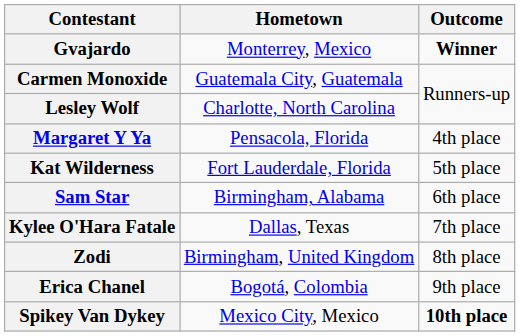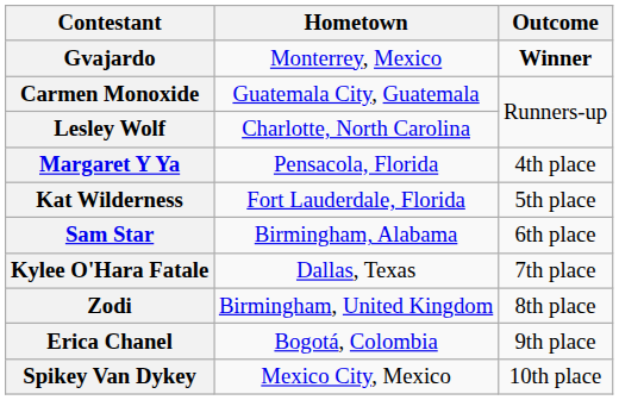 <table class="wikitable sortable" border="2" style="text-align:center">
 <tr>
 <th>Contestant</th>
 <th>Hometown</th>
 <th>Outcome</th>
 </tr>
 <tr>
 <th>Gvajardo</th>
 <td><a href='#'>Monterrey</a>, <a href='#'>Mexico</a></td>
 <td><strong>Winner</strong></td>
 </tr>
 <tr>
 <th>Carmen Monoxide</th>
 <td><a href='#'>Guatemala City</a>, <a href='#'>Guatemala</a></td>
 <td rowspan="2">Runners-up</td>
 </tr>
 <tr>
 <th>Lesley Wolf</th>
 <td><a href='#'>Charlotte, North Carolina</a></td>
 </tr>
 <tr>
 <th><a href='#'>Margaret Y Ya</a></th>
 <td><a href='#'>Pensacola, Florida</a></td>
 <td>4th place</td>
 </tr>
 <tr>
 <th>Kat Wilderness</th>
 <td><a href='#'>Fort Lauderdale, Florida</a></td>
 <td>5th place</td>
 </tr>
 <tr>
 <th><a href='#'>Sam Star</a></th>
 <td><a href='#'>Birmingham, Alabama</a></td>
 <td>6th place</td>
 </tr>
 <tr>
 <th nowrap="">Kylee O'Hara Fatale</th>
 <td><a href='#'>Dallas</a>, Texas</td>
 <td>7th place</td>
 </tr>
 <tr>
 <th>Zodi</th>
 <td nowrap=""><a href='#'>Birmingham</a>, <a href='#'>United Kingdom</a></td>
 <td>8th place</td>
 </tr>
 <tr>
 <th>Erica Chanel</th>
 <td><a href='#'>Bogotá</a>, <a href='#'>Colombia</a></td>
 <td>9th place</td>
 </tr>
 <tr>
 <th>Spikey Van Dykey</th>
 <td><a href='#'>Mexico City</a>, Mexico</td>
-<td><strong>10th place</strong></td>
+<td>10th place</td>
 </tr>
 </table>
